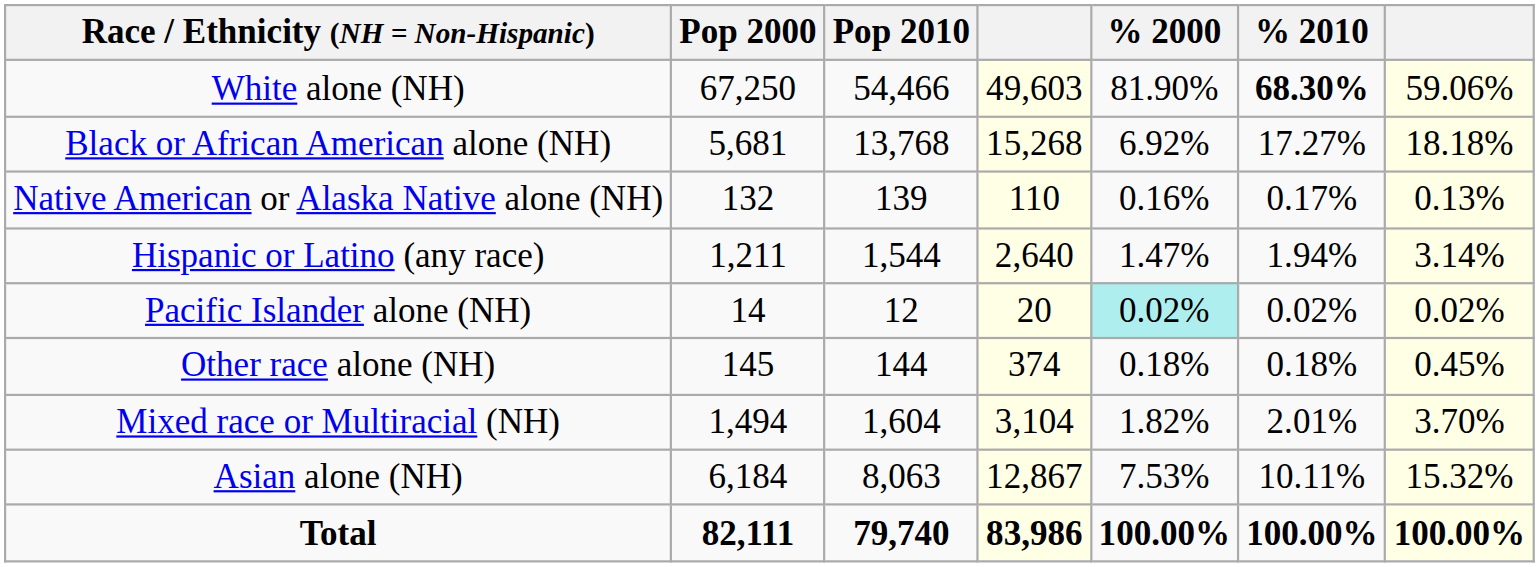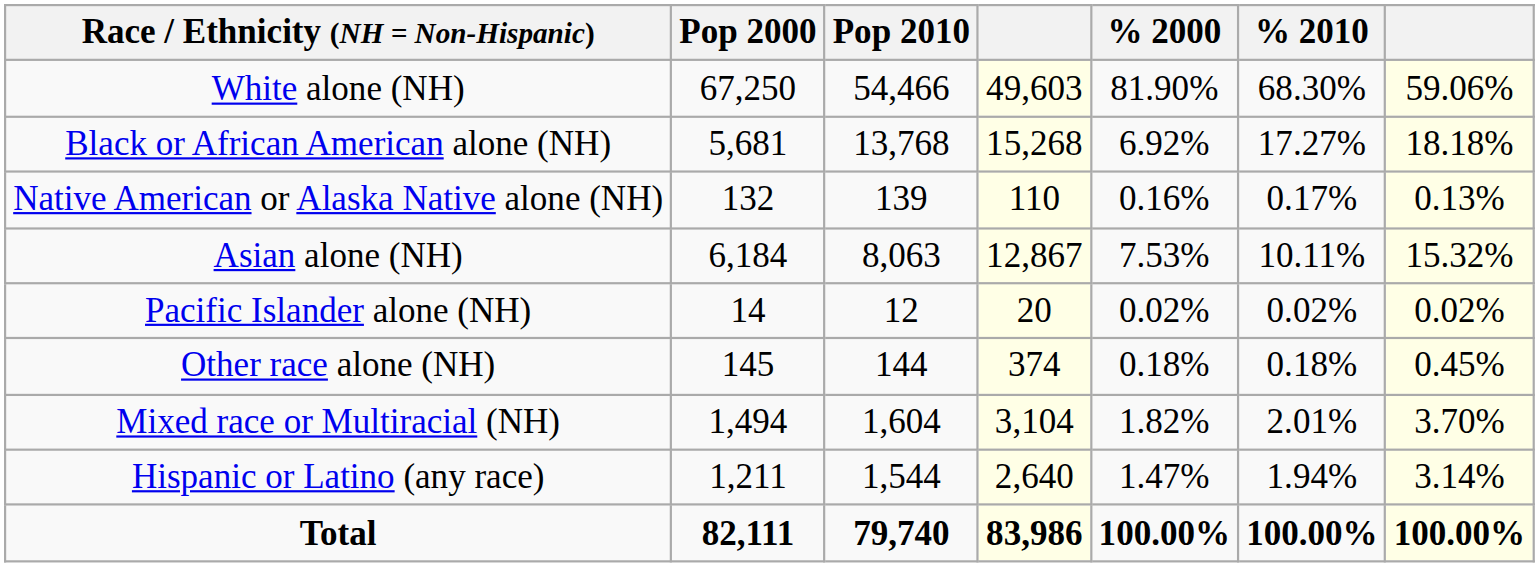 <table class="wikitable" style="text-align:center;">
 <tr>
 <th>Race / Ethnicity <small>(<em>NH = Non-Hispanic</em>)</small></th>
 <th>Pop 2000</th>
 <th>Pop 2010</th>
 <th></th>
 <th>% 2000</th>
 <th>% 2010</th>
 <th></th>
 </tr>
 <tr>
 <td><a href='#'>White</a> alone (NH)</td>
 <td>67,250</td>
 <td>54,466</td>
 <td style='background: #ffffe6;'>49,603</td>
 <td>81.90%</td>
-<td><strong>68.30%</strong></td>
+<td>68.30%</td>
 <td style='background: #ffffe6;'>59.06%</td>
 </tr>
 <tr>
 <td><a href='#'>Black or African American</a> alone (NH)</td>
 <td>5,681</td>
 <td>13,768</td>
 <td style='background: #ffffe6;'>15,268</td>
 <td>6.92%</td>
 <td>17.27%</td>
 <td style='background: #ffffe6;'>18.18%</td>
 </tr>
 <tr>
 <td><a href='#'>Native American</a> or <a href='#'>Alaska Native</a> alone (NH)</td>
 <td>132</td>
 <td>139</td>
 <td style='background: #ffffe6;'>110</td>
 <td>0.16%</td>
 <td>0.17%</td>
 <td style='background: #ffffe6;'>0.13%</td>
 </tr>
 <tr>
-<td><a href='#'>Hispanic or Latino</a> (any race)</td>
-<td>1,211</td>
-<td>1,544</td>
-<td style='background: #ffffe6;'>2,640</td>
-<td>1.47%</td>
-<td>1.94%</td>
-<td style='background: #ffffe6;'>3.14%</td>
+<td><a href='#'>Asian</a> alone (NH)</td>
+<td>6,184</td>
+<td>8,063</td>
+<td style='background: #ffffe6;'>12,867</td>
+<td>7.53%</td>
+<td>10.11%</td>
+<td style='background: #ffffe6;'>15.32%</td>
 </tr>
 <tr>
 <td><a href='#'>Pacific Islander</a> alone (NH)</td>
 <td>14</td>
 <td>12</td>
 <td style='background: #ffffe6;'>20</td>
-<td style="background: paleturquoise;">0.02%</td>
+<td>0.02%</td>
 <td>0.02%</td>
 <td style='background: #ffffe6;'>0.02%</td>
 </tr>
 <tr>
 <td><a href='#'>Other race</a> alone (NH)</td>
 <td>145</td>
 <td>144</td>
 <td style='background: #ffffe6;'>374</td>
 <td>0.18%</td>
 <td>0.18%</td>
 <td style='background: #ffffe6;'>0.45%</td>
 </tr>
 <tr>
 <td><a href='#'>Mixed race or Multiracial</a> (NH)</td>
 <td>1,494</td>
 <td>1,604</td>
 <td style='background: #ffffe6;'>3,104</td>
 <td>1.82%</td>
 <td>2.01%</td>
 <td style='background: #ffffe6;'>3.70%</td>
 </tr>
 <tr>
-<td><a href='#'>Asian</a> alone (NH)</td>
-<td>6,184</td>
-<td>8,063</td>
-<td style='background: #ffffe6;'>12,867</td>
-<td>7.53%</td>
-<td>10.11%</td>
-<td style='background: #ffffe6;'>15.32%</td>
+<td><a href='#'>Hispanic or Latino</a> (any race)</td>
+<td>1,211</td>
+<td>1,544</td>
+<td style='background: #ffffe6;'>2,640</td>
+<td>1.47%</td>
+<td>1.94%</td>
+<td style='background: #ffffe6;'>3.14%</td>
 </tr>
 <tr>
 <td><strong>Total</strong></td>
 <td><strong>82,111</strong></td>
 <td><strong>79,740</strong></td>
 <td style='background: #ffffe6;'><strong>83,986</strong></td>
 <td><strong>100.00%</strong></td>
 <td><strong>100.00%</strong></td>
 <td style='background: #ffffe6;'><strong>100.00%</strong></td>
 </tr>
 </table>
